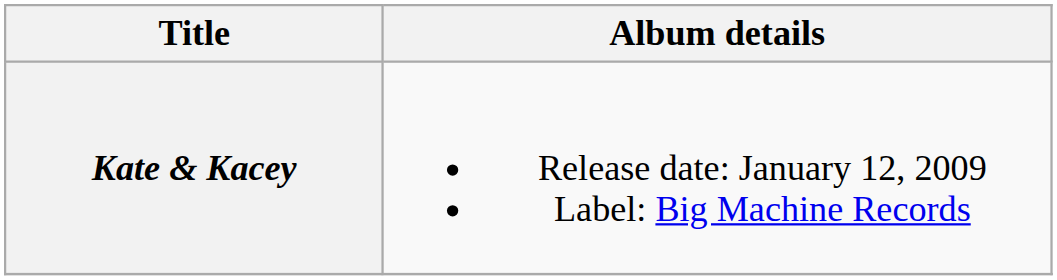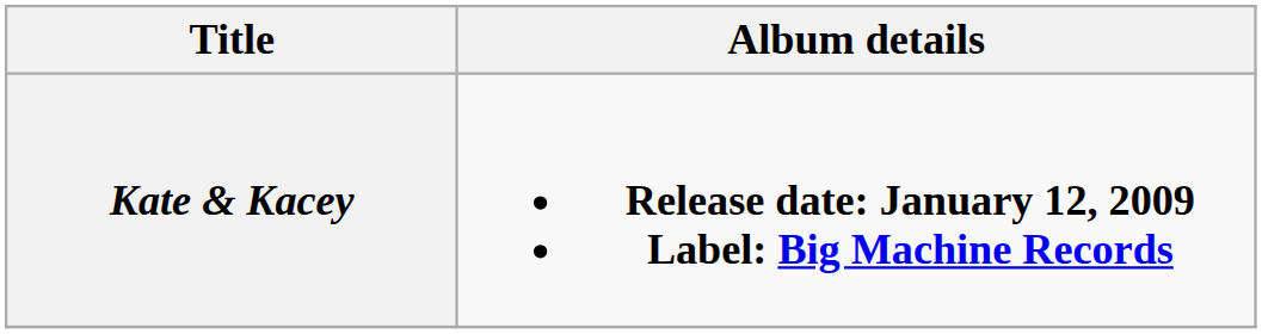 <table class="wikitable plainrowheaders" style="text-align:center;">
 <tr>
 <th style="width:10em;">Title</th>
 <th style="width:18em;">Album details</th>
 </tr>
 <tr>
 <th scope="row"><em>Kate & Kacey</em></th>
-<td><br><ul><li>Release date: January 12, 2009</li><li>Label: <a href='#'>Big Machine Records</a></li></ul></td>
+<td><strong><br><ul><li>Release date: January 12, 2009</li><li>Label: <a href='#'>Big Machine Records</a></li></ul></strong></td>
 </tr>
 <tr>
 </tr>
 </table>
